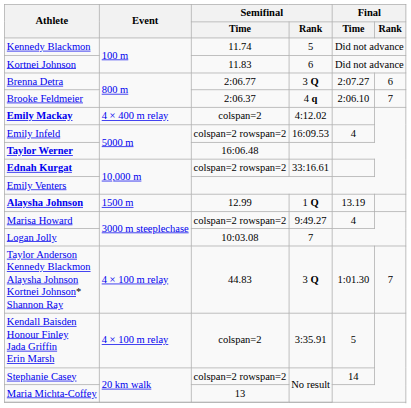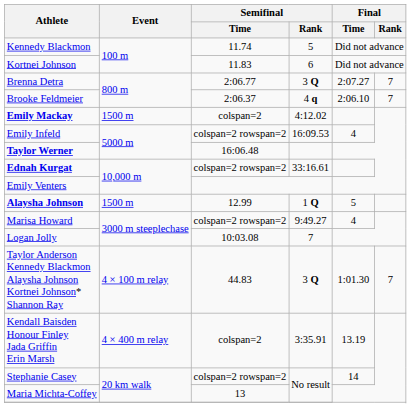 <table class=wikitable style=font-size:90%;text-align:center>
 <tr>
 <th rowspan=2>Athlete</th>
 <th rowspan=2>Event</th>
 <th colspan=2>Semifinal</th>
 <th colspan=2>Final</th>
 </tr>
 <tr style=font-size:95%>
 <th>Time</th>
 <th>Rank</th>
 <th>Time</th>
 <th>Rank</th>
 </tr>
 <tr>
 <td align=left><a href='#'>Kennedy Blackmon</a></td>
 <td align=left rowspan=2><a href='#'>100 m</a></td>
 <td>11.74</td>
 <td>5</td>
 <td colspan=2>Did not advance</td>
 </tr>
 <tr>
 <td align=left><a href='#'>Kortnei Johnson</a></td>
 <td>11.83</td>
 <td>6</td>
 <td colspan=2>Did not advance</td>
 </tr>
 <tr>
 <td align=left><a href='#'>Brenna Detra</a></td>
 <td align=left rowspan=2><a href='#'>800 m</a></td>
 <td>2:06.77</td>
 <td>3 <strong>Q</strong></td>
 <td>2:07.27</td>
-<td>6</td>
+<td>7</td>
 </tr>
 <tr>
 <td align=left><a href='#'>Brooke Feldmeier</a></td>
 <td>2:06.37</td>
 <td>4 <strong>q</strong></td>
 <td>2:06.10</td>
 <td>7</td>
 </tr>
 <tr>
 <td align=left><strong><a href='#'>Emily Mackay</a></strong></td>
-<td align=left><a href='#'>4 × 400 m relay</a></td>
+<td align=left><a href='#'>1500 m</a></td>
 <td>colspan=2 </td>
 <td>4:12.02</td>
 <td></td>
 </tr>
 <tr>
 <td align=left><a href='#'>Emily Infeld</a></td>
 <td align=left rowspan=2><a href='#'>5000 m</a></td>
 <td>colspan=2 rowspan=2 </td>
 <td>16:09.53</td>
 <td>4</td>
 </tr>
 <tr>
 <td align=left><strong><a href='#'>Taylor Werner</a></strong></td>
 <td>16:06.48</td>
 <td></td>
 </tr>
 <tr>
 <td align=left><strong><a href='#'>Ednah Kurgat</a></strong></td>
 <td align=left rowspan=2><a href='#'>10,000 m</a></td>
 <td>colspan=2 rowspan=2 </td>
 <td>33:16.61</td>
 <td></td>
 </tr>
 <tr>
 <td align=left><a href='#'>Emily Venters</a></td>
 <td colspan=2></td>
 </tr>
 <tr>
 <td align=left><strong><a href='#'>Alaysha Johnson</a></strong></td>
 <td align=left><a href='#'>1500 m</a></td>
 <td>12.99</td>
 <td>1 <strong>Q</strong></td>
-<td>13.19</td>
+<td>5</td>
 <td></td>
 </tr>
 <tr>
 <td align=left><a href='#'>Marisa Howard</a></td>
 <td align=left rowspan=2><a href='#'>3000 m steeplechase</a></td>
 <td>colspan=2 rowspan=2 </td>
 <td>9:49.27</td>
 <td>4</td>
 </tr>
 <tr>
 <td align=left><a href='#'>Logan Jolly</a></td>
 <td>10:03.08</td>
 <td>7</td>
 </tr>
 <tr>
 <td align=left><a href='#'>Taylor Anderson</a><br><a href='#'>Kennedy Blackmon</a><br><a href='#'>Alaysha Johnson</a><br><a href='#'>Kortnei Johnson</a>*<br><a href='#'>Shannon Ray</a></td>
 <td align=left><a href='#'>4 × 100 m relay</a></td>
 <td>44.83</td>
 <td>3 <strong>Q</strong></td>
 <td>1:01.30</td>
 <td>7</td>
 </tr>
 <tr>
 <td align=left><a href='#'>Kendall Baisden</a><br><a href='#'>Honour Finley</a><br><a href='#'>Jada Griffin</a><br><a href='#'>Erin Marsh</a></td>
-<td align=left><a href='#'>4 × 100 m relay</a></td>
+<td align=left><a href='#'>4 × 400 m relay</a></td>
 <td>colspan=2 </td>
 <td>3:35.91</td>
-<td>5</td>
+<td>13.19</td>
 </tr>
 <tr>
 <td align=left><a href='#'>Stephanie Casey</a></td>
 <td align=left rowspan=2><a href='#'>20 km walk</a></td>
 <td>colspan=2 rowspan=2 </td>
 <td colspan rowspan=2>No result</td>
 <td>14</td>
 </tr>
 <tr>
 <td align=left><a href='#'>Maria Michta-Coffey</a></td>
 <td>13</td>
 </tr>
 <tr>
 </tr>
 </table>
